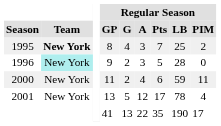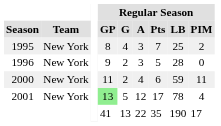 <table BORDER="0" CELLPADDING="3" CELLSPACING="0">
 <tr style="text-align: center; background: #e0e0e0">
 <th colspan="2" style="background: #ffffff"> </th>
 <th rowspan="99" style="background: #ffffff"> </th>
 <th colspan="6">Regular Season</th>
 </tr>
 <tr style="text-align: center; background: #e0e0e0">
 <th>Season</th>
 <th>Team</th>
 <th>GP</th>
 <th>G</th>
 <th>A</th>
 <th>Pts</th>
 <th>LB</th>
 <th>PIM</th>
 </tr>
 <tr style="text-align: center; background: #f0f0f0">
 <td>1995</td>
-<td><strong>New York</strong></td>
+<td>New York</td>
 <td>8</td>
 <td>4</td>
 <td>3</td>
 <td>7</td>
 <td>25</td>
 <td>2</td>
 </tr>
 <tr ALIGN="center">
 <td>1996</td>
-<td style="background: paleturquoise;">New York</td>
+<td>New York</td>
 <td>9</td>
 <td>2</td>
 <td>3</td>
 <td>5</td>
 <td>28</td>
 <td>0</td>
 </tr>
 <tr style="text-align: center; background: #f0f0f0">
 <td>2000</td>
 <td>New York</td>
 <td>11</td>
 <td>2</td>
 <td>4</td>
 <td>6</td>
 <td>59</td>
 <td>11</td>
 </tr>
 <tr ALIGN="center">
 <td>2001</td>
 <td>New York</td>
-<td>13</td>
+<td style="background: lightgreen;">13</td>
 <td>5</td>
 <td>12</td>
 <td>17</td>
 <td>78</td>
 <td>4</td>
 </tr>
 <tr>
 <td></td>
 <td></td>
 <td>41</td>
 <td>13</td>
 <td>22</td>
 <td>35</td>
 <td>190</td>
 <td>17</td>
 </tr>
 </table>
